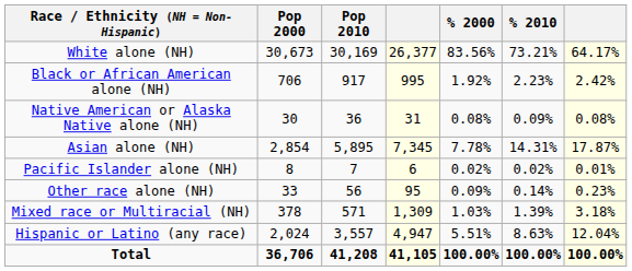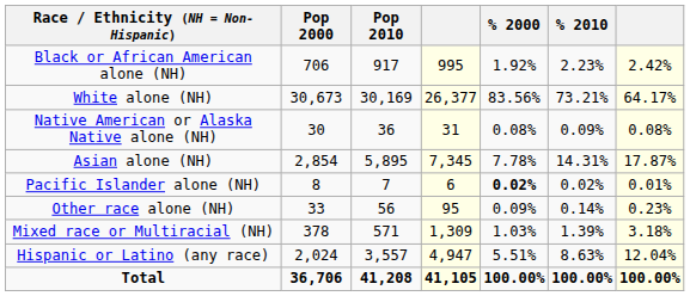 <table class="wikitable" style="text-align:center;">
 <tr>
 <th>Race / Ethnicity <small>(<em>NH = Non-Hispanic</em>)</small></th>
 <th>Pop 2000</th>
 <th>Pop 2010</th>
 <th></th>
 <th>% 2000</th>
 <th>% 2010</th>
 <th></th>
 </tr>
 <tr>
+<td><a href='#'>Black or African American</a> alone (NH)</td>
+<td>706</td>
+<td>917</td>
+<td style='background: #ffffe6;'>995</td>
+<td>1.92%</td>
+<td>2.23%</td>
+<td style='background: #ffffe6;'>2.42%</td>
+</tr>
+<tr>
 <td><a href='#'>White</a> alone (NH)</td>
 <td>30,673</td>
 <td>30,169</td>
 <td style='background: #ffffe6;'>26,377</td>
 <td>83.56%</td>
 <td>73.21%</td>
 <td style='background: #ffffe6;'>64.17%</td>
-</tr>
-<tr>
-<td><a href='#'>Black or African American</a> alone (NH)</td>
-<td>706</td>
-<td>917</td>
-<td style='background: #ffffe6;'>995</td>
-<td>1.92%</td>
-<td>2.23%</td>
-<td style='background: #ffffe6;'>2.42%</td>
 </tr>
 <tr>
 <td><a href='#'>Native American</a> or <a href='#'>Alaska Native</a> alone (NH)</td>
 <td>30</td>
 <td>36</td>
 <td style='background: #ffffe6;'>31</td>
 <td>0.08%</td>
 <td>0.09%</td>
 <td style='background: #ffffe6;'>0.08%</td>
 </tr>
 <tr>
 <td><a href='#'>Asian</a> alone (NH)</td>
 <td>2,854</td>
 <td>5,895</td>
 <td style='background: #ffffe6;'>7,345</td>
 <td>7.78%</td>
 <td>14.31%</td>
 <td style='background: #ffffe6;'>17.87%</td>
 </tr>
 <tr>
 <td><a href='#'>Pacific Islander</a> alone (NH)</td>
 <td>8</td>
 <td>7</td>
 <td style='background: #ffffe6;'>6</td>
-<td>0.02%</td>
+<td><strong>0.02%</strong></td>
 <td>0.02%</td>
 <td style='background: #ffffe6;'>0.01%</td>
 </tr>
 <tr>
 <td><a href='#'>Other race</a> alone (NH)</td>
 <td>33</td>
 <td>56</td>
 <td style='background: #ffffe6;'>95</td>
 <td>0.09%</td>
 <td>0.14%</td>
 <td style='background: #ffffe6;'>0.23%</td>
 </tr>
 <tr>
 <td><a href='#'>Mixed race or Multiracial</a> (NH)</td>
 <td>378</td>
 <td>571</td>
 <td style='background: #ffffe6;'>1,309</td>
 <td>1.03%</td>
 <td>1.39%</td>
 <td style='background: #ffffe6;'>3.18%</td>
 </tr>
 <tr>
 <td><a href='#'>Hispanic or Latino</a> (any race)</td>
 <td>2,024</td>
 <td>3,557</td>
 <td style='background: #ffffe6;'>4,947</td>
 <td>5.51%</td>
 <td>8.63%</td>
 <td style='background: #ffffe6;'>12.04%</td>
 </tr>
 <tr>
 <td><strong>Total</strong></td>
 <td><strong>36,706</strong></td>
 <td><strong>41,208</strong></td>
 <td style='background: #ffffe6;'><strong>41,105</strong></td>
 <td><strong>100.00%</strong></td>
 <td><strong>100.00%</strong></td>
 <td style='background: #ffffe6;'><strong>100.00%</strong></td>
 </tr>
 </table>
